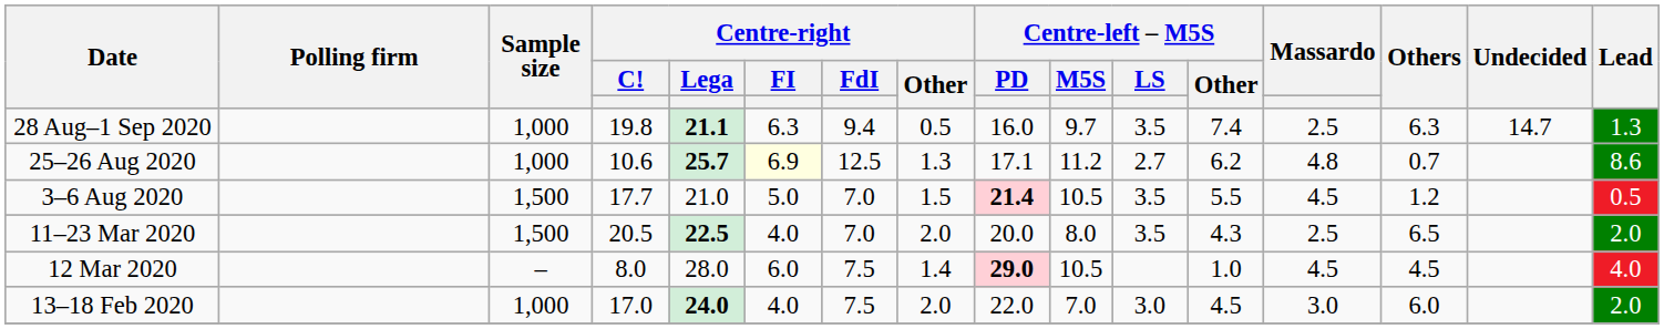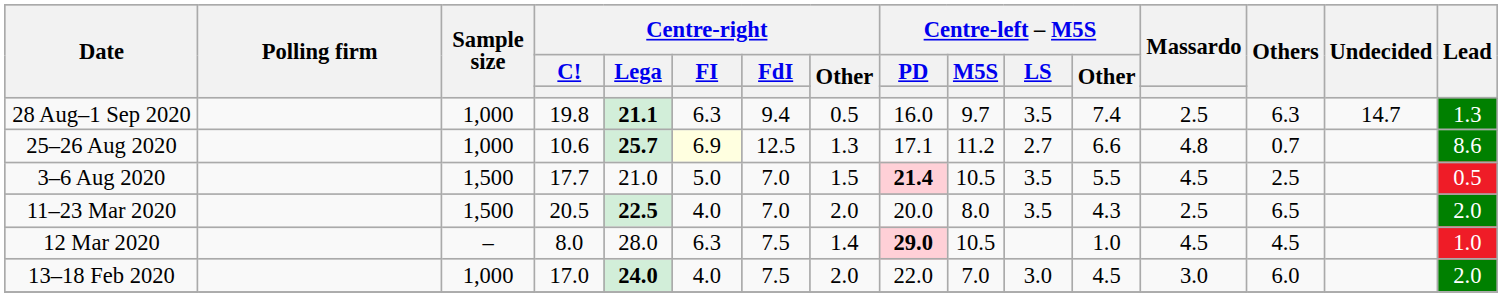 <table class="wikitable collapsible collapsed" style="text-align:center;font-size:85%;line-height:13px">
 <tr style="height:30px; background-color:#E9E9E9">
 <th style="width:110px;" rowspan="3">Date</th>
 <th style="width:140px;" rowspan="3">Polling firm</th>
 <th style="width:50px;" rowspan="3">Sample size</th>
 <th colspan="5" style="width:35px;"><a href='#'>Centre-right</a></th>
 <th colspan="4" style="width:35px;"><a href='#'>Centre-left</a> – <a href='#'>M5S</a></th>
 <th rowspan="2">Massardo</th>
 <th style="width:35px;" rowspan="3">Others</th>
 <th style="width:35px;" rowspan="3">Undecided</th>
 <th style="width:25px;" rowspan="3">Lead</th>
 </tr>
 <tr>
 <th style="width:35px;"><a href='#'>C!</a></th>
 <th style="width:35px;"><a href='#'>Lega</a></th>
 <th style="width:35px;"><a href='#'>FI</a></th>
 <th style="width:35px;"><a href='#'>FdI</a></th>
 <th rowspan="2" style="width:35px;">Other</th>
 <th style="width:35px;"><a href='#'>PD</a></th>
 <th><a href='#'>M5S</a></th>
 <th style="width:35px;"><a href='#'>LS</a></th>
 <th rowspan="2" style="width:35px;">Other</th>
 </tr>
 <tr>
 <th style="background:"></th>
 <th style="background:"></th>
 <th style="background:"></th>
 <th style="background:"></th>
 <th style="background:"></th>
 <th style="background:"></th>
 <th style="background:"></th>
 <th style="background:"></th>
 </tr>
 <tr>
 <td>28 Aug–1 Sep 2020</td>
 <td></td>
 <td>1,000</td>
 <td>19.8</td>
 <td style="background:#D2EED9;"><strong>21.1</strong></td>
 <td>6.3</td>
 <td>9.4</td>
 <td>0.5</td>
 <td>16.0</td>
 <td>9.7</td>
 <td>3.5</td>
 <td>7.4</td>
 <td>2.5</td>
 <td>6.3</td>
 <td>14.7</td>
 <td style="background:#008000; color:white;">1.3</td>
 </tr>
 <tr>
 <td>25–26 Aug 2020</td>
 <td></td>
 <td>1,000</td>
 <td>10.6</td>
 <td style="background:#D2EED9;"><strong>25.7</strong></td>
 <td style="background: lightyellow;">6.9</td>
 <td>12.5</td>
 <td>1.3</td>
 <td>17.1</td>
 <td>11.2</td>
 <td>2.7</td>
-<td>6.2</td>
+<td>6.6</td>
 <td>4.8</td>
 <td>0.7</td>
 <td></td>
 <td style="background:#008000; color:white;">8.6</td>
 </tr>
 <tr>
 <td>3–6 Aug 2020</td>
 <td></td>
 <td>1,500</td>
 <td>17.7</td>
 <td>21.0</td>
 <td>5.0</td>
 <td>7.0</td>
 <td>1.5</td>
 <td style="background:#FFD0D7;"><strong>21.4</strong></td>
 <td>10.5</td>
 <td>3.5</td>
 <td>5.5</td>
 <td>4.5</td>
-<td>1.2</td>
+<td>2.5</td>
 <td></td>
 <td style="background:#EF1C27; color:white;">0.5</td>
 </tr>
 <tr>
 <td>11–23 Mar 2020</td>
 <td></td>
 <td>1,500</td>
 <td>20.5</td>
 <td style="background:#D2EED9;"><strong>22.5</strong></td>
 <td>4.0</td>
 <td>7.0</td>
 <td>2.0</td>
 <td>20.0</td>
 <td>8.0</td>
 <td>3.5</td>
 <td>4.3</td>
 <td>2.5</td>
 <td>6.5</td>
 <td></td>
 <td style="background:#008000; color:white;">2.0</td>
 </tr>
 <tr>
 <td>12 Mar 2020</td>
 <td></td>
 <td>–</td>
 <td>8.0</td>
 <td>28.0</td>
-<td>6.0</td>
+<td>6.3</td>
 <td>7.5</td>
 <td>1.4</td>
 <td style="background:#FFD0D7"><strong>29.0</strong></td>
 <td>10.5</td>
 <td></td>
 <td>1.0</td>
 <td>4.5</td>
 <td>4.5</td>
 <td></td>
-<td style="background:#EF1C27; color:white;">4.0</td>
+<td style="background:#EF1C27; color:white;">1.0</td>
 </tr>
 <tr>
 <td>13–18 Feb 2020</td>
 <td></td>
 <td>1,000</td>
 <td>17.0</td>
 <td style="background:#D2EED9;"><strong>24.0</strong></td>
 <td>4.0</td>
 <td>7.5</td>
 <td>2.0</td>
 <td>22.0</td>
 <td>7.0</td>
 <td>3.0</td>
 <td>4.5</td>
 <td>3.0</td>
 <td>6.0</td>
 <td></td>
 <td style="background:#008000; color:white;">2.0</td>
 </tr>
 <tr>
 </tr>
 </table>
